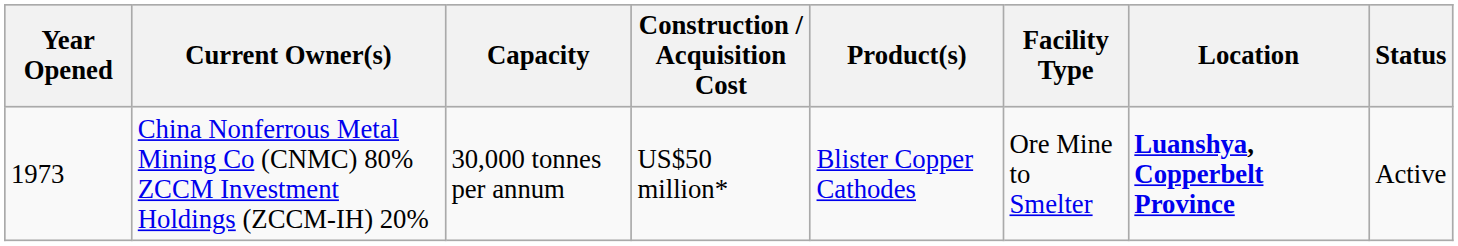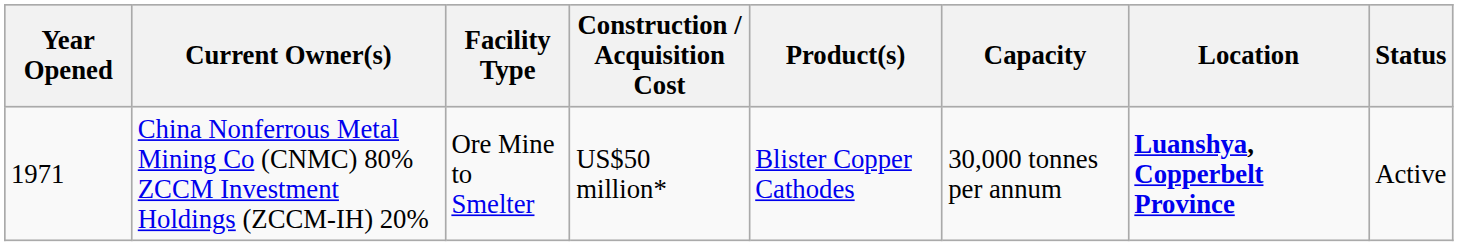 <table class="wikitable">
 <tr>
 <th>Year Opened</th>
 <th>Current Owner(s)</th>
-<th>Capacity</th>
+<th>Facility Type</th>
 <th>Construction /<br>Acquisition Cost</th>
 <th>Product(s)</th>
-<th>Facility Type</th>
+<th>Capacity</th>
 <th>Location</th>
 <th>Status</th>
 </tr>
 <tr>
-<td>1973</td>
+<td>1971</td>
 <td><a href='#'>China Nonferrous Metal Mining Co</a> (CNMC) 80%<br><a href='#'>ZCCM Investment Holdings</a> (ZCCM-IH) 20%</td>
-<td>30,000 tonnes per annum</td>
+<td>Ore Mine to<br><a href='#'>Smelter</a></td>
 <td>US$50 million*</td>
 <td><a href='#'>Blister Copper</a> <a href='#'>Cathodes</a></td>
-<td>Ore Mine to<br><a href='#'>Smelter</a></td>
+<td>30,000 tonnes per annum</td>
 <td><strong><a href='#'>Luanshya</a>, <a href='#'>Copperbelt Province</a></strong></td>
 <td>Active</td>
 </tr>
 </table>
